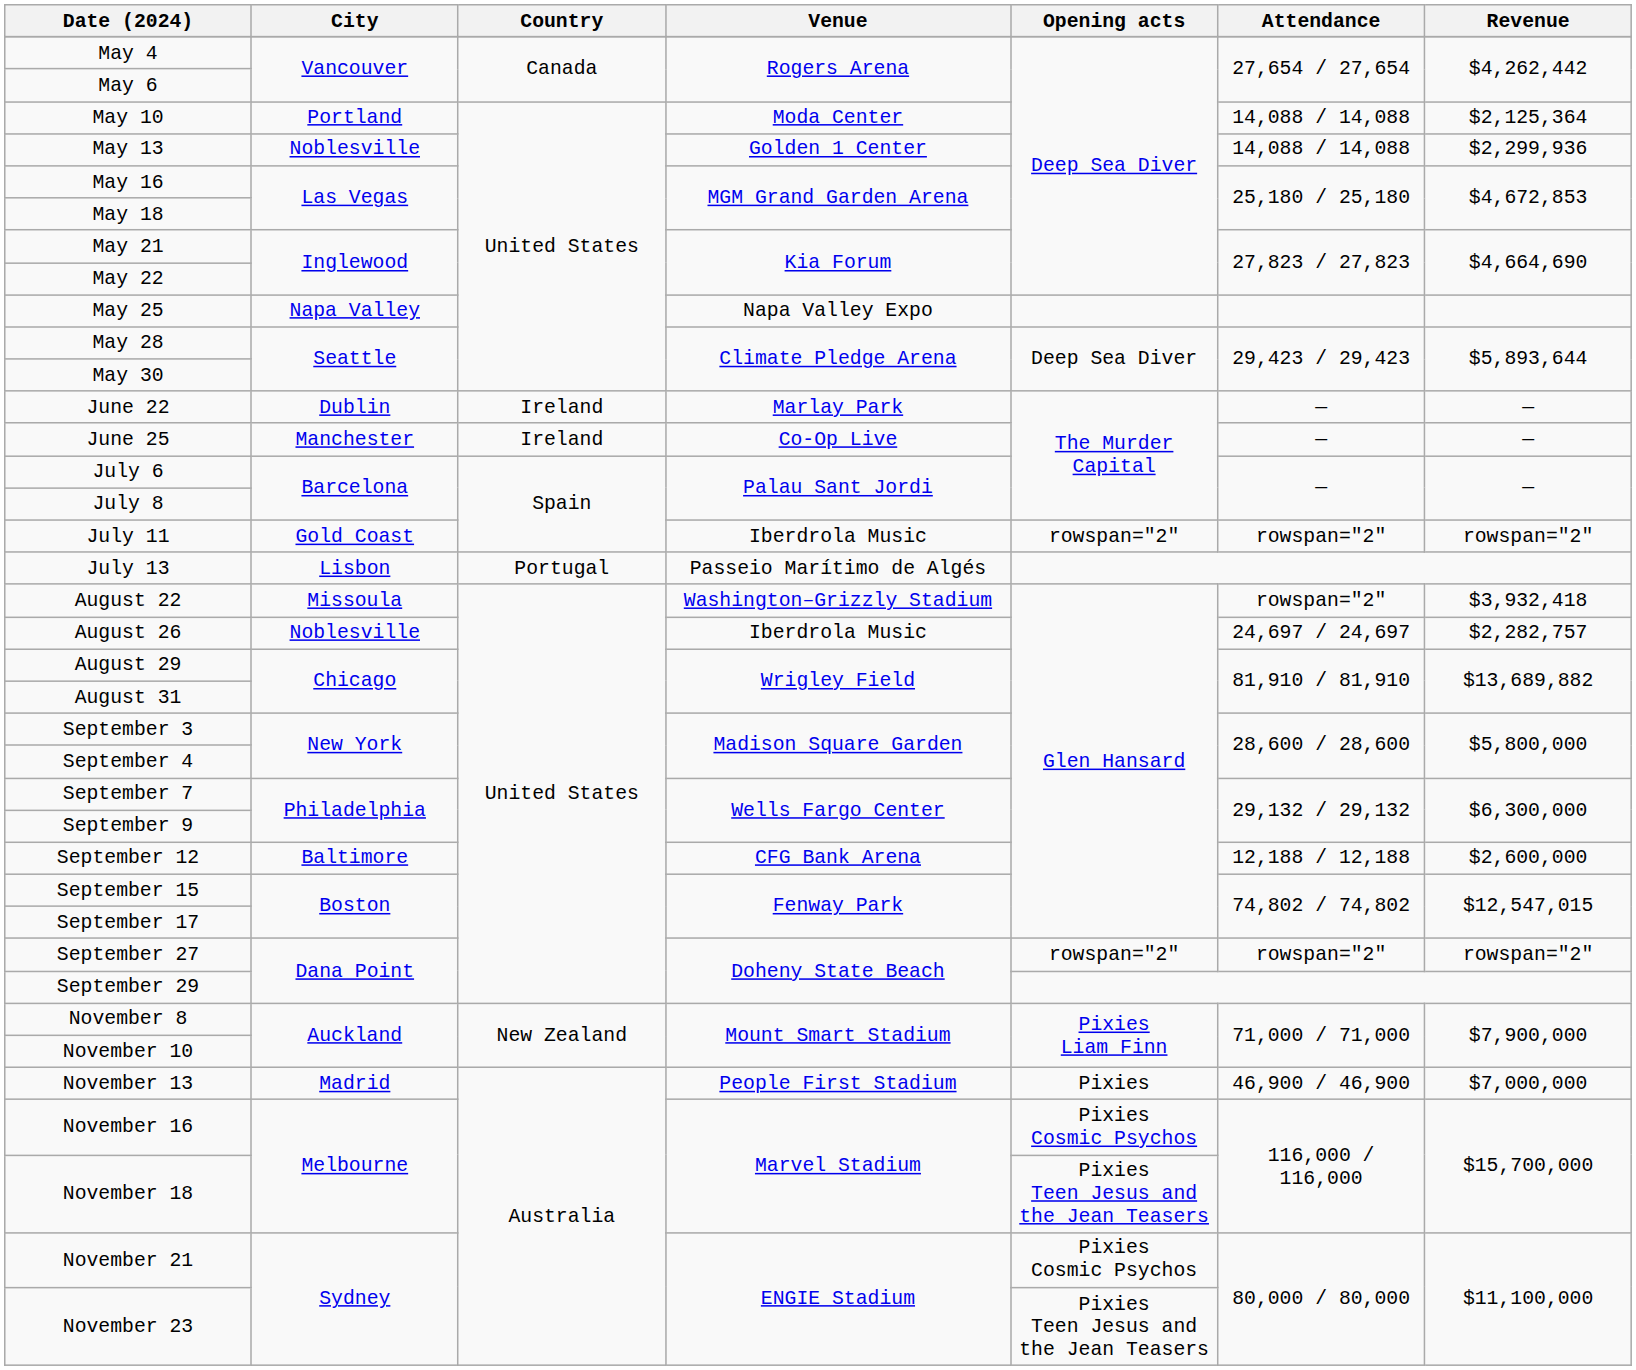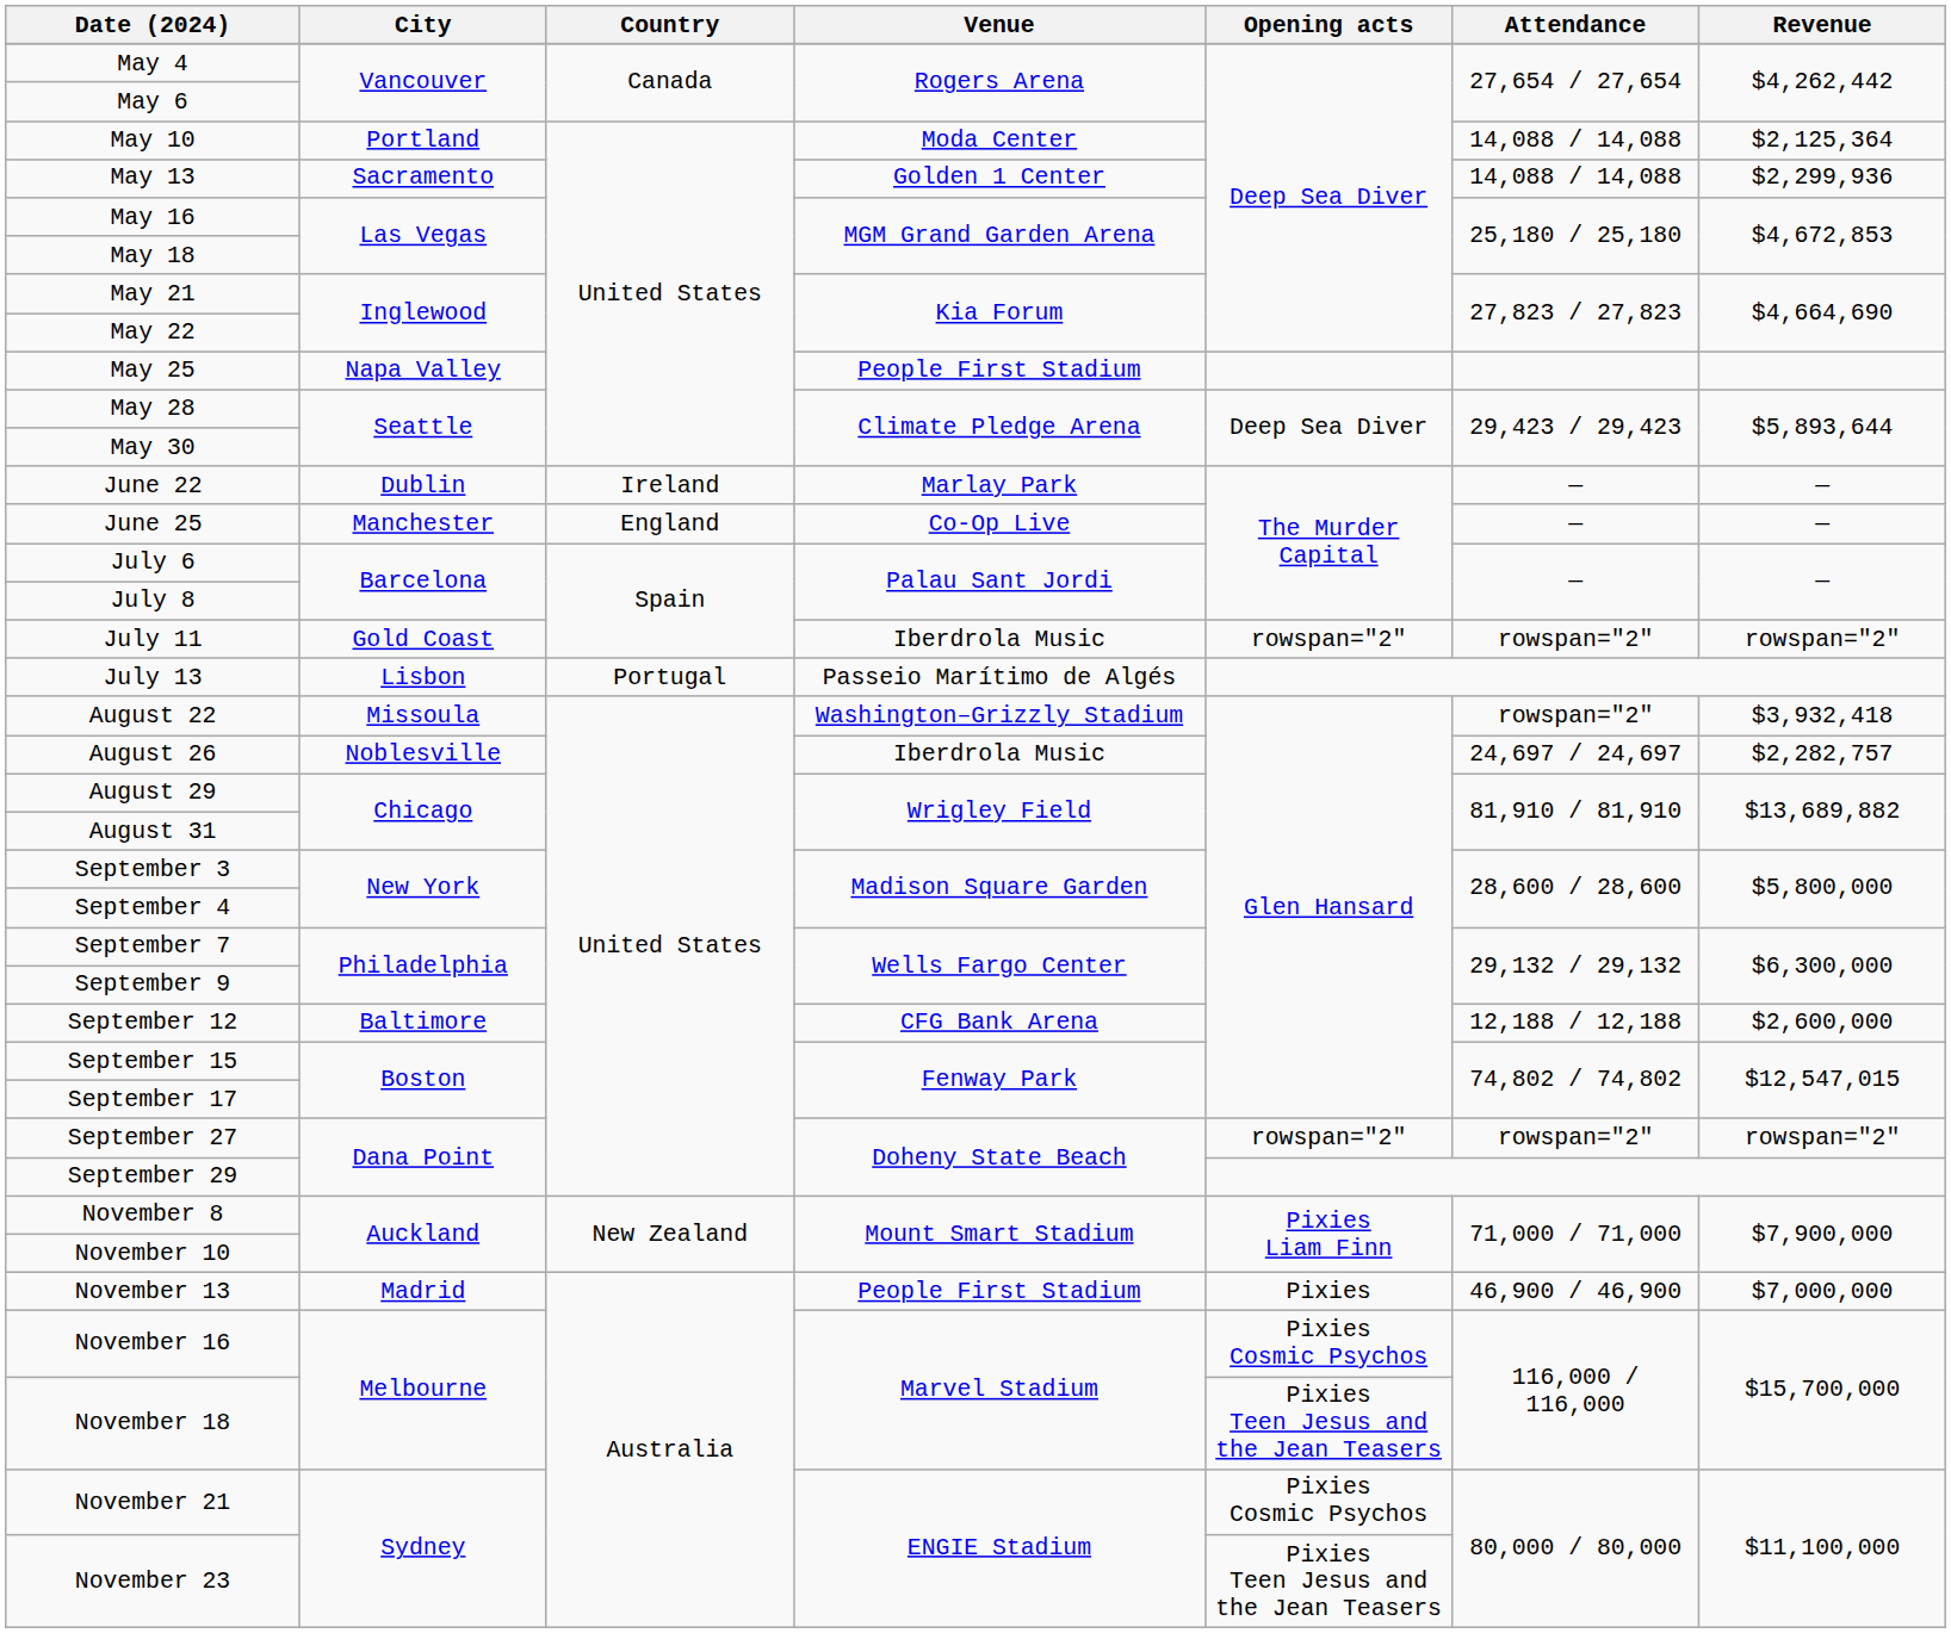 <table class="wikitable plainrowheaders" style="text-align:center;">
 <tr>
 <th scope="col" style="width:12em;">Date (2024)</th>
 <th scope="col" style="width:10em;">City</th>
 <th scope="col" style="width:10em;">Country</th>
 <th scope="col" style="width:17em;">Venue</th>
 <th scope="col" style="width:10em;">Opening acts</th>
 <th scope="col" style="width:10em;">Attendance</th>
 <th scope="col" style="width:10em;">Revenue</th>
 </tr>
 <tr>
 </tr>
 <tr>
 <td>May 4</td>
 <td rowspan="2"><a href='#'>Vancouver</a></td>
 <td rowspan="2">Canada</td>
 <td rowspan="2"><a href='#'>Rogers Arena</a></td>
 <td rowspan="8"><a href='#'>Deep Sea Diver</a></td>
 <td rowspan="2">27,654 / 27,654</td>
 <td rowspan="2">$4,262,442</td>
 </tr>
 <tr>
 <td>May 6</td>
 </tr>
 <tr>
 <td>May 10</td>
 <td><a href='#'>Portland</a></td>
 <td rowspan="9">United States</td>
 <td><a href='#'>Moda Center</a></td>
 <td>14,088 / 14,088</td>
 <td>$2,125,364</td>
 </tr>
 <tr>
 <td>May 13</td>
-<td><a href='#'>Noblesville</a></td>
+<td><a href='#'>Sacramento</a></td>
 <td><a href='#'>Golden 1 Center</a></td>
 <td>14,088 / 14,088</td>
 <td>$2,299,936</td>
 </tr>
 <tr>
 <td>May 16</td>
 <td rowspan="2"><a href='#'>Las Vegas</a></td>
 <td rowspan="2"><a href='#'>MGM Grand Garden Arena</a></td>
 <td rowspan="2">25,180 / 25,180</td>
 <td rowspan="2">$4,672,853</td>
 </tr>
 <tr>
 <td>May 18</td>
 </tr>
 <tr>
 <td>May 21</td>
 <td rowspan="2"><a href='#'>Inglewood</a></td>
 <td rowspan="2"><a href='#'>Kia Forum</a></td>
 <td rowspan="2">27,823 / 27,823</td>
 <td rowspan="2">$4,664,690</td>
 </tr>
 <tr>
 <td>May 22</td>
 </tr>
 <tr>
 <td>May 25</td>
 <td><a href='#'>Napa Valley</a></td>
-<td>Napa Valley Expo</td>
+<td><a href='#'>People First Stadium</a></td>
 <td></td>
 <td></td>
 <td></td>
 </tr>
 <tr>
 <td>May 28</td>
 <td rowspan="2"><a href='#'>Seattle</a></td>
 <td rowspan="2"><a href='#'>Climate Pledge Arena</a></td>
 <td rowspan="2">Deep Sea Diver</td>
 <td rowspan="2">29,423 / 29,423</td>
 <td rowspan="2">$5,893,644</td>
 </tr>
 <tr>
 <td>May 30</td>
 </tr>
 <tr>
 <td>June 22</td>
 <td><a href='#'>Dublin</a></td>
 <td>Ireland</td>
 <td><a href='#'>Marlay Park</a></td>
 <td rowspan="4"><a href='#'>The Murder Capital</a></td>
 <td>—</td>
 <td>—</td>
 </tr>
 <tr>
 <td>June 25</td>
 <td><a href='#'>Manchester</a></td>
-<td>Ireland</td>
+<td>England</td>
 <td><a href='#'>Co-Op Live</a></td>
 <td>—</td>
 <td>—</td>
 </tr>
 <tr>
 <td>July 6</td>
 <td rowspan="2"><a href='#'>Barcelona</a></td>
 <td rowspan="3">Spain</td>
 <td rowspan="2"><a href='#'>Palau Sant Jordi</a></td>
 <td rowspan="2">—</td>
 <td rowspan="2">—</td>
 </tr>
 <tr>
 <td>July 8</td>
 </tr>
 <tr>
 <td>July 11</td>
 <td><a href='#'>Gold Coast</a></td>
 <td>Iberdrola Music</td>
 <td>rowspan="2" </td>
 <td>rowspan="2" </td>
 <td>rowspan="2" </td>
 </tr>
 <tr>
 <td>July 13</td>
 <td><a href='#'>Lisbon</a></td>
 <td>Portugal</td>
 <td>Passeio Marítimo de Algés</td>
 </tr>
 <tr>
 <td>August 22</td>
 <td><a href='#'>Missoula</a></td>
 <td rowspan="13">United States</td>
 <td><a href='#'>Washington–Grizzly Stadium</a></td>
 <td rowspan="11"><a href='#'>Glen Hansard</a></td>
 <td>rowspan="2" </td>
 <td>$3,932,418</td>
 </tr>
 <tr>
 <td>August 26</td>
 <td><a href='#'>Noblesville</a></td>
 <td>Iberdrola Music</td>
 <td>24,697 / 24,697</td>
 <td>$2,282,757</td>
 </tr>
 <tr>
 <td>August 29</td>
 <td rowspan="2"><a href='#'>Chicago</a></td>
 <td rowspan="2"><a href='#'>Wrigley Field</a></td>
 <td rowspan="2">81,910 / 81,910</td>
 <td rowspan="2">$13,689,882</td>
 </tr>
 <tr>
 <td>August 31</td>
 </tr>
 <tr>
 <td>September 3</td>
 <td rowspan="2"><a href='#'>New York</a></td>
 <td rowspan="2"><a href='#'>Madison Square Garden</a></td>
 <td rowspan="2">28,600 / 28,600</td>
 <td rowspan="2">$5,800,000</td>
 </tr>
 <tr>
 <td>September 4</td>
 </tr>
 <tr>
 <td>September 7</td>
 <td rowspan="2"><a href='#'>Philadelphia</a></td>
 <td rowspan="2"><a href='#'>Wells Fargo Center</a></td>
 <td rowspan="2">29,132 / 29,132</td>
 <td rowspan="2">$6,300,000</td>
 </tr>
 <tr>
 <td>September 9</td>
 </tr>
 <tr>
 <td>September 12</td>
 <td><a href='#'>Baltimore</a></td>
 <td><a href='#'>CFG Bank Arena</a></td>
 <td>12,188 / 12,188</td>
 <td>$2,600,000</td>
 </tr>
 <tr>
 <td>September 15</td>
 <td rowspan="2"><a href='#'>Boston</a></td>
 <td rowspan="2"><a href='#'>Fenway Park</a></td>
 <td rowspan="2">74,802 / 74,802</td>
 <td rowspan="2">$12,547,015</td>
 </tr>
 <tr>
 <td>September 17</td>
 </tr>
 <tr>
 <td>September 27</td>
 <td rowspan="2"><a href='#'>Dana Point</a></td>
 <td rowspan="2"><a href='#'>Doheny State Beach</a></td>
 <td>rowspan="2" </td>
 <td>rowspan="2" </td>
 <td>rowspan="2" </td>
 </tr>
 <tr>
 <td>September 29</td>
 </tr>
 <tr>
 <td>November 8</td>
 <td rowspan="2"><a href='#'>Auckland</a></td>
 <td rowspan="2">New Zealand</td>
 <td rowspan="2"><a href='#'>Mount Smart Stadium</a></td>
 <td rowspan="2"><a href='#'>Pixies</a><br><a href='#'>Liam Finn</a></td>
 <td rowspan="2">71,000 / 71,000</td>
 <td rowspan="2">$7,900,000</td>
 </tr>
 <tr>
 <td>November 10</td>
 </tr>
 <tr>
 <td>November 13</td>
 <td><a href='#'>Madrid</a></td>
 <td rowspan="5">Australia</td>
 <td><a href='#'>People First Stadium</a></td>
 <td>Pixies</td>
 <td>46,900 / 46,900</td>
 <td>$7,000,000</td>
 </tr>
 <tr>
 <td>November 16</td>
 <td rowspan="2"><a href='#'>Melbourne</a></td>
 <td rowspan="2"><a href='#'>Marvel Stadium</a></td>
 <td>Pixies<br><a href='#'>Cosmic Psychos</a></td>
 <td rowspan="2">116,000 / 116,000</td>
 <td rowspan="2">$15,700,000</td>
 </tr>
 <tr>
 <td>November 18</td>
 <td>Pixies<br><a href='#'>Teen Jesus and the Jean Teasers</a></td>
 </tr>
 <tr>
 <td>November 21</td>
 <td rowspan="2"><a href='#'>Sydney</a></td>
 <td rowspan="2"><a href='#'>ENGIE Stadium</a></td>
 <td>Pixies<br>Cosmic Psychos</td>
 <td rowspan="2">80,000 / 80,000</td>
 <td rowspan="2">$11,100,000</td>
 </tr>
 <tr>
 <td>November 23</td>
 <td>Pixies<br>Teen Jesus and the Jean Teasers</td>
 </tr>
 </table>
